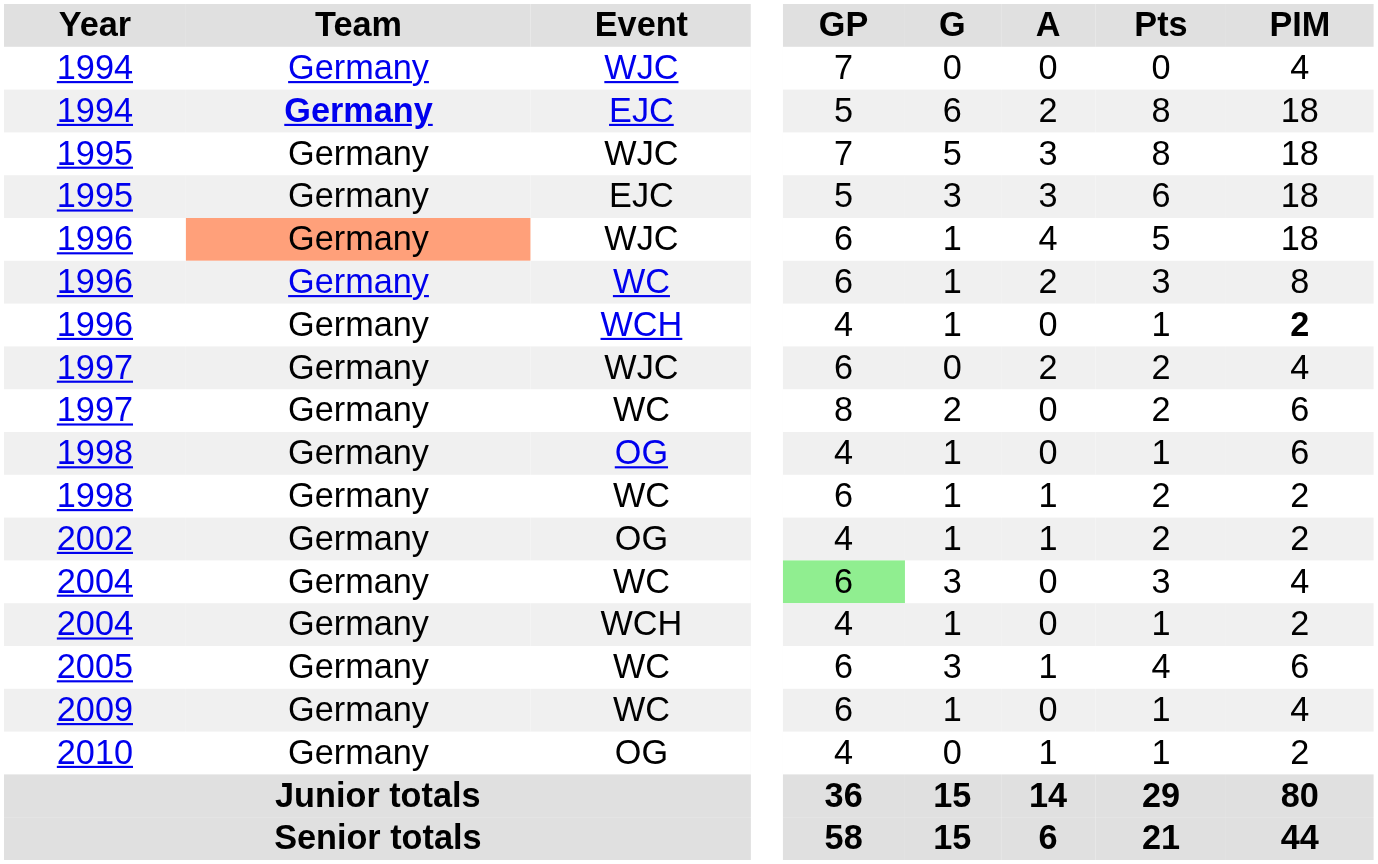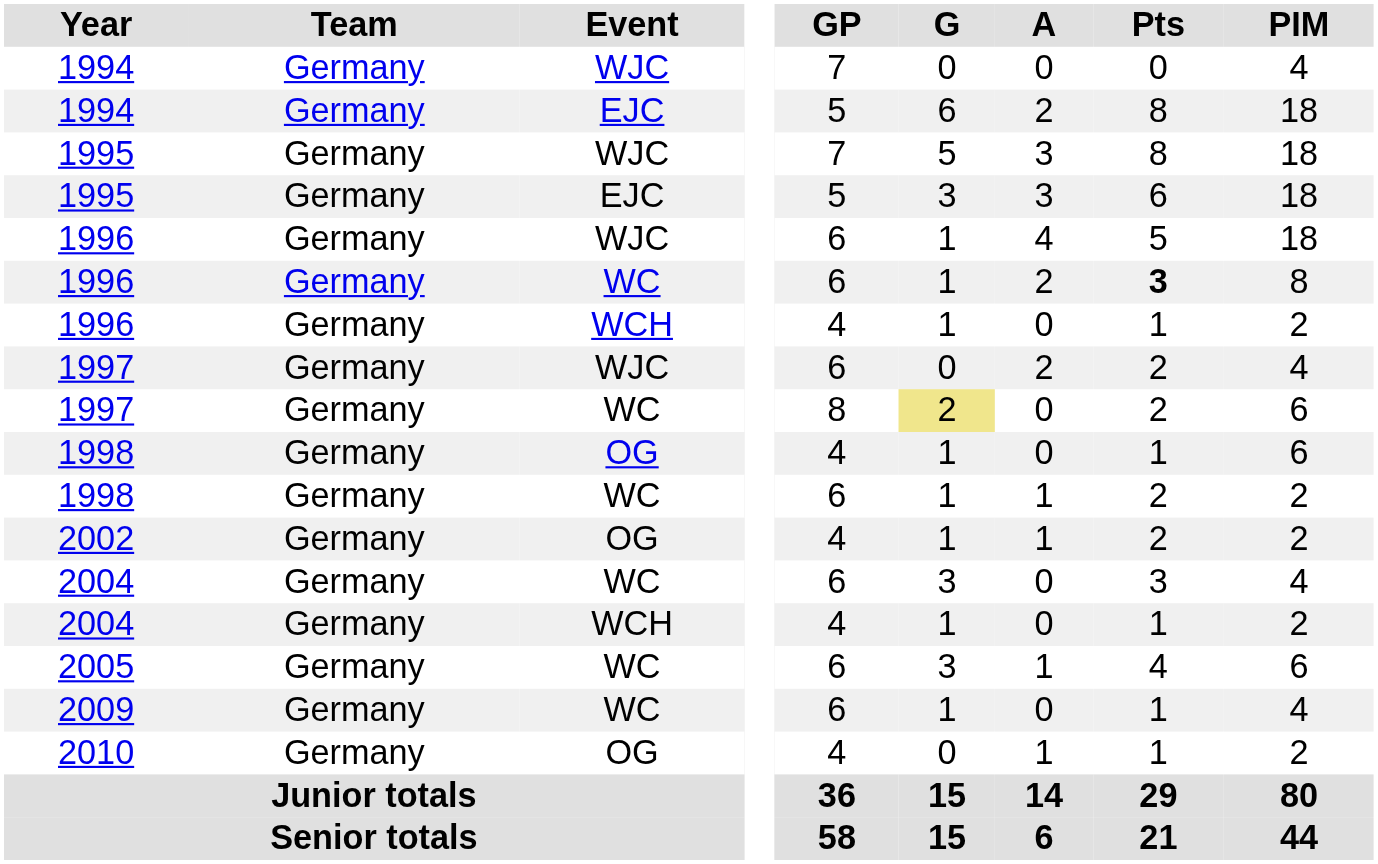 <table border="0" cellpadding="1" cellspacing="0" style="text-align:center; width:40em">
 <tr ALIGN="center" bgcolor="#e0e0e0">
 <th>Year</th>
 <th>Team</th>
 <th>Event</th>
 <th rowspan="99" bgcolor="#ffffff"> </th>
 <th>GP</th>
 <th>G</th>
 <th>A</th>
 <th>Pts</th>
 <th>PIM</th>
 </tr>
 <tr>
 <td><a href='#'>1994</a></td>
 <td><a href='#'>Germany</a></td>
 <td><a href='#'>WJC</a></td>
 <td>7</td>
 <td>0</td>
 <td>0</td>
 <td>0</td>
 <td>4</td>
 </tr>
 <tr bgcolor="#f0f0f0">
 <td><a href='#'>1994</a></td>
-<td><strong><a href='#'>Germany</a></strong></td>
+<td><a href='#'>Germany</a></td>
 <td><a href='#'>EJC</a></td>
 <td>5</td>
 <td>6</td>
 <td>2</td>
 <td>8</td>
 <td>18</td>
 </tr>
 <tr>
 <td><a href='#'>1995</a></td>
 <td>Germany</td>
 <td>WJC</td>
 <td>7</td>
 <td>5</td>
 <td>3</td>
 <td>8</td>
 <td>18</td>
 </tr>
 <tr bgcolor="#f0f0f0">
 <td><a href='#'>1995</a></td>
 <td>Germany</td>
 <td>EJC</td>
 <td>5</td>
 <td>3</td>
 <td>3</td>
 <td>6</td>
 <td>18</td>
 </tr>
 <tr>
 <td><a href='#'>1996</a></td>
-<td style="background: lightsalmon;">Germany</td>
+<td>Germany</td>
 <td>WJC</td>
 <td>6</td>
 <td>1</td>
 <td>4</td>
 <td>5</td>
 <td>18</td>
 </tr>
 <tr bgcolor="#f0f0f0">
 <td><a href='#'>1996</a></td>
 <td><a href='#'>Germany</a></td>
 <td><a href='#'>WC</a></td>
 <td>6</td>
 <td>1</td>
 <td>2</td>
-<td>3</td>
+<td><strong>3</strong></td>
 <td>8</td>
 </tr>
 <tr>
 <td><a href='#'>1996</a></td>
 <td>Germany</td>
 <td><a href='#'>WCH</a></td>
 <td>4</td>
 <td>1</td>
 <td>0</td>
 <td>1</td>
-<td><strong>2</strong></td>
+<td>2</td>
 </tr>
 <tr bgcolor="#f0f0f0">
 <td><a href='#'>1997</a></td>
 <td>Germany</td>
 <td>WJC</td>
 <td>6</td>
 <td>0</td>
 <td>2</td>
 <td>2</td>
 <td>4</td>
 </tr>
 <tr>
 <td><a href='#'>1997</a></td>
 <td>Germany</td>
 <td>WC</td>
 <td>8</td>
-<td>2</td>
+<td style="background: khaki;">2</td>
 <td>0</td>
 <td>2</td>
 <td>6</td>
 </tr>
 <tr bgcolor="#f0f0f0">
 <td><a href='#'>1998</a></td>
 <td>Germany</td>
 <td><a href='#'>OG</a></td>
 <td>4</td>
 <td>1</td>
 <td>0</td>
 <td>1</td>
 <td>6</td>
 </tr>
 <tr>
 <td><a href='#'>1998</a></td>
 <td>Germany</td>
 <td>WC</td>
 <td>6</td>
 <td>1</td>
 <td>1</td>
 <td>2</td>
 <td>2</td>
 </tr>
 <tr bgcolor="#f0f0f0">
 <td><a href='#'>2002</a></td>
 <td>Germany</td>
 <td>OG</td>
 <td>4</td>
 <td>1</td>
 <td>1</td>
 <td>2</td>
 <td>2</td>
 </tr>
 <tr>
 <td><a href='#'>2004</a></td>
 <td>Germany</td>
 <td>WC</td>
-<td style="background: lightgreen;">6</td>
+<td>6</td>
 <td>3</td>
 <td>0</td>
 <td>3</td>
 <td>4</td>
 </tr>
 <tr bgcolor="#f0f0f0">
 <td><a href='#'>2004</a></td>
 <td>Germany</td>
 <td>WCH</td>
 <td>4</td>
 <td>1</td>
 <td>0</td>
 <td>1</td>
 <td>2</td>
 </tr>
 <tr>
 <td><a href='#'>2005</a></td>
 <td>Germany</td>
 <td>WC</td>
 <td>6</td>
 <td>3</td>
 <td>1</td>
 <td>4</td>
 <td>6</td>
 </tr>
 <tr bgcolor="#f0f0f0">
 <td><a href='#'>2009</a></td>
 <td>Germany</td>
 <td>WC</td>
 <td>6</td>
 <td>1</td>
 <td>0</td>
 <td>1</td>
 <td>4</td>
 </tr>
 <tr>
 <td><a href='#'>2010</a></td>
 <td>Germany</td>
 <td>OG</td>
 <td>4</td>
 <td>0</td>
 <td>1</td>
 <td>1</td>
 <td>2</td>
 </tr>
 <tr bgcolor="#e0e0e0">
 <th colspan=3>Junior totals</th>
 <th>36</th>
 <th>15</th>
 <th>14</th>
 <th>29</th>
 <th>80</th>
 </tr>
 <tr bgcolor="#e0e0e0">
 <th colspan=3>Senior totals</th>
 <th>58</th>
 <th>15</th>
 <th>6</th>
 <th>21</th>
 <th>44</th>
 </tr>
 </table>
